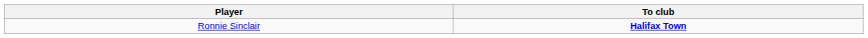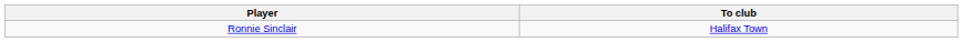 <table class="wikitable" style="width:100%; text-align:center; font-size:85%;">
 <tr>
 <th>Player</th>
 <th>To club</th>
 </tr>
 <tr>
 <td><a href='#'>Ronnie Sinclair</a></td>
-<td><strong><a href='#'>Halifax Town</a></strong></td>
+<td><a href='#'>Halifax Town</a></td>
 </tr>
 </table>
